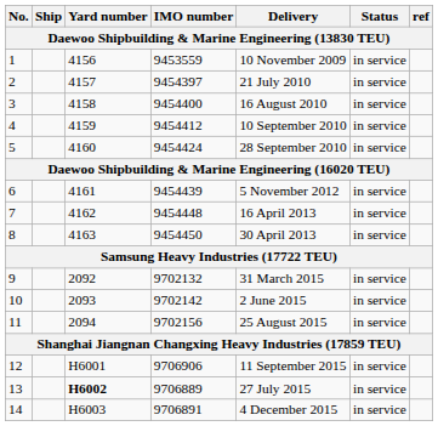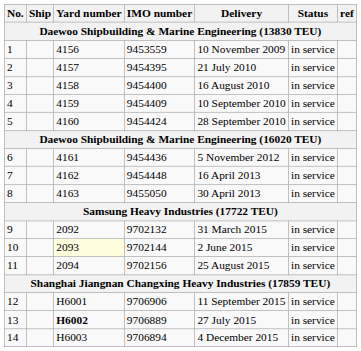 <table class="wikitable" style="text-aligjacn:center">
 <tr>
 <th>No.</th>
 <th>Ship</th>
 <th>Yard number</th>
 <th>IMO number</th>
 <th>Delivery</th>
 <th>Status</th>
 <th>ref</th>
 </tr>
 <tr>
 <th colspan="7" style="text-align:center">Daewoo Shipbuilding & Marine Engineering (13830 TEU)</th>
 </tr>
 <tr>
 <td>1</td>
 <td></td>
 <td>4156</td>
 <td>9453559</td>
 <td>10 November 2009</td>
 <td>in service</td>
 <td></td>
 </tr>
 <tr>
 <td>2</td>
 <td></td>
 <td>4157</td>
-<td>9454397</td>
+<td>9454395</td>
 <td>21 July 2010</td>
 <td>in service</td>
 <td></td>
 </tr>
 <tr>
 <td>3</td>
 <td></td>
 <td>4158</td>
 <td>9454400</td>
 <td>16 August 2010</td>
 <td>in service</td>
 <td></td>
 </tr>
 <tr>
 <td>4</td>
 <td></td>
 <td>4159</td>
-<td>9454412</td>
+<td>9454409</td>
 <td>10 September 2010</td>
 <td>in service</td>
 <td></td>
 </tr>
 <tr>
 <td>5</td>
 <td></td>
 <td>4160</td>
 <td>9454424</td>
 <td>28 September 2010</td>
 <td>in service</td>
 <td></td>
 </tr>
 <tr>
 <th colspan="7" style="text-align:center">Daewoo Shipbuilding & Marine Engineering (16020 TEU)</th>
 </tr>
 <tr>
 <td>6</td>
 <td></td>
 <td>4161</td>
-<td>9454439</td>
+<td>9454436</td>
 <td>5 November 2012</td>
 <td>in service</td>
 <td></td>
 </tr>
 <tr>
 <td>7</td>
 <td></td>
 <td>4162</td>
 <td>9454448</td>
 <td>16 April 2013</td>
 <td>in service</td>
 <td></td>
 </tr>
 <tr>
 <td>8</td>
 <td></td>
 <td>4163</td>
-<td>9454450</td>
+<td>9455050</td>
 <td>30 April 2013</td>
 <td>in service</td>
 <td></td>
 </tr>
 <tr>
 <th colspan="7" style="text-align:center">Samsung Heavy Industries (17722 TEU)</th>
 </tr>
 <tr>
 <td>9</td>
 <td></td>
 <td>2092</td>
 <td>9702132</td>
 <td>31 March 2015</td>
 <td>in service</td>
 <td></td>
 </tr>
 <tr>
 <td>10</td>
 <td></td>
-<td>2093</td>
-<td>9702142</td>
+<td style="background: lightyellow;">2093</td>
+<td>9702144</td>
 <td>2 June 2015</td>
 <td>in service</td>
 <td></td>
 </tr>
 <tr>
 <td>11</td>
 <td></td>
 <td>2094</td>
 <td>9702156</td>
 <td>25 August 2015</td>
 <td>in service</td>
 <td></td>
 </tr>
 <tr>
 <th colspan="7" style="text-align:center">Shanghai Jiangnan Changxing Heavy Industries (17859 TEU)</th>
 </tr>
 <tr>
 <td>12</td>
 <td></td>
 <td>H6001</td>
 <td>9706906</td>
 <td>11 September 2015</td>
 <td>in service</td>
 <td></td>
 </tr>
 <tr>
 <td>13</td>
 <td></td>
 <td><strong>H6002</strong></td>
 <td>9706889</td>
 <td>27 July 2015</td>
 <td>in service</td>
 <td></td>
 </tr>
 <tr>
 <td>14</td>
 <td></td>
 <td>H6003</td>
-<td>9706891</td>
+<td>9706894</td>
 <td>4 December 2015</td>
 <td>in service</td>
 <td></td>
 </tr>
 </table>
